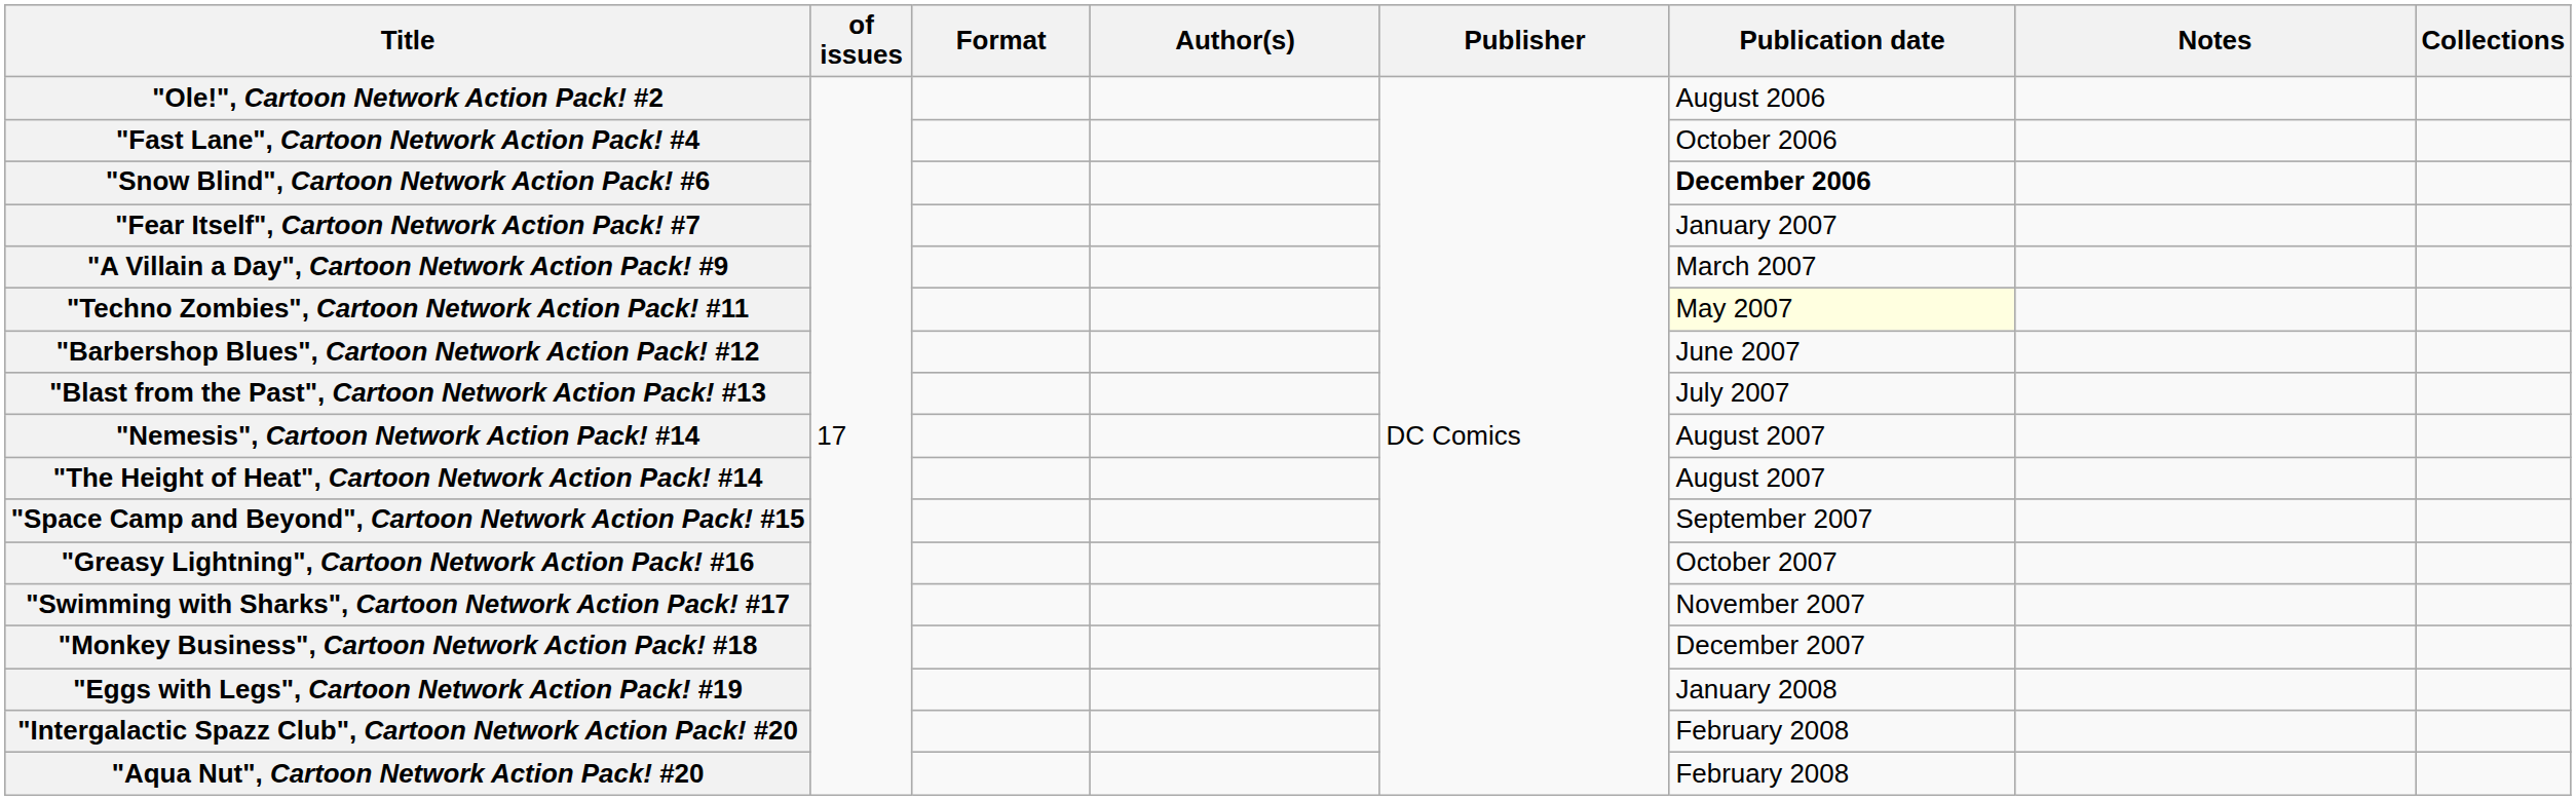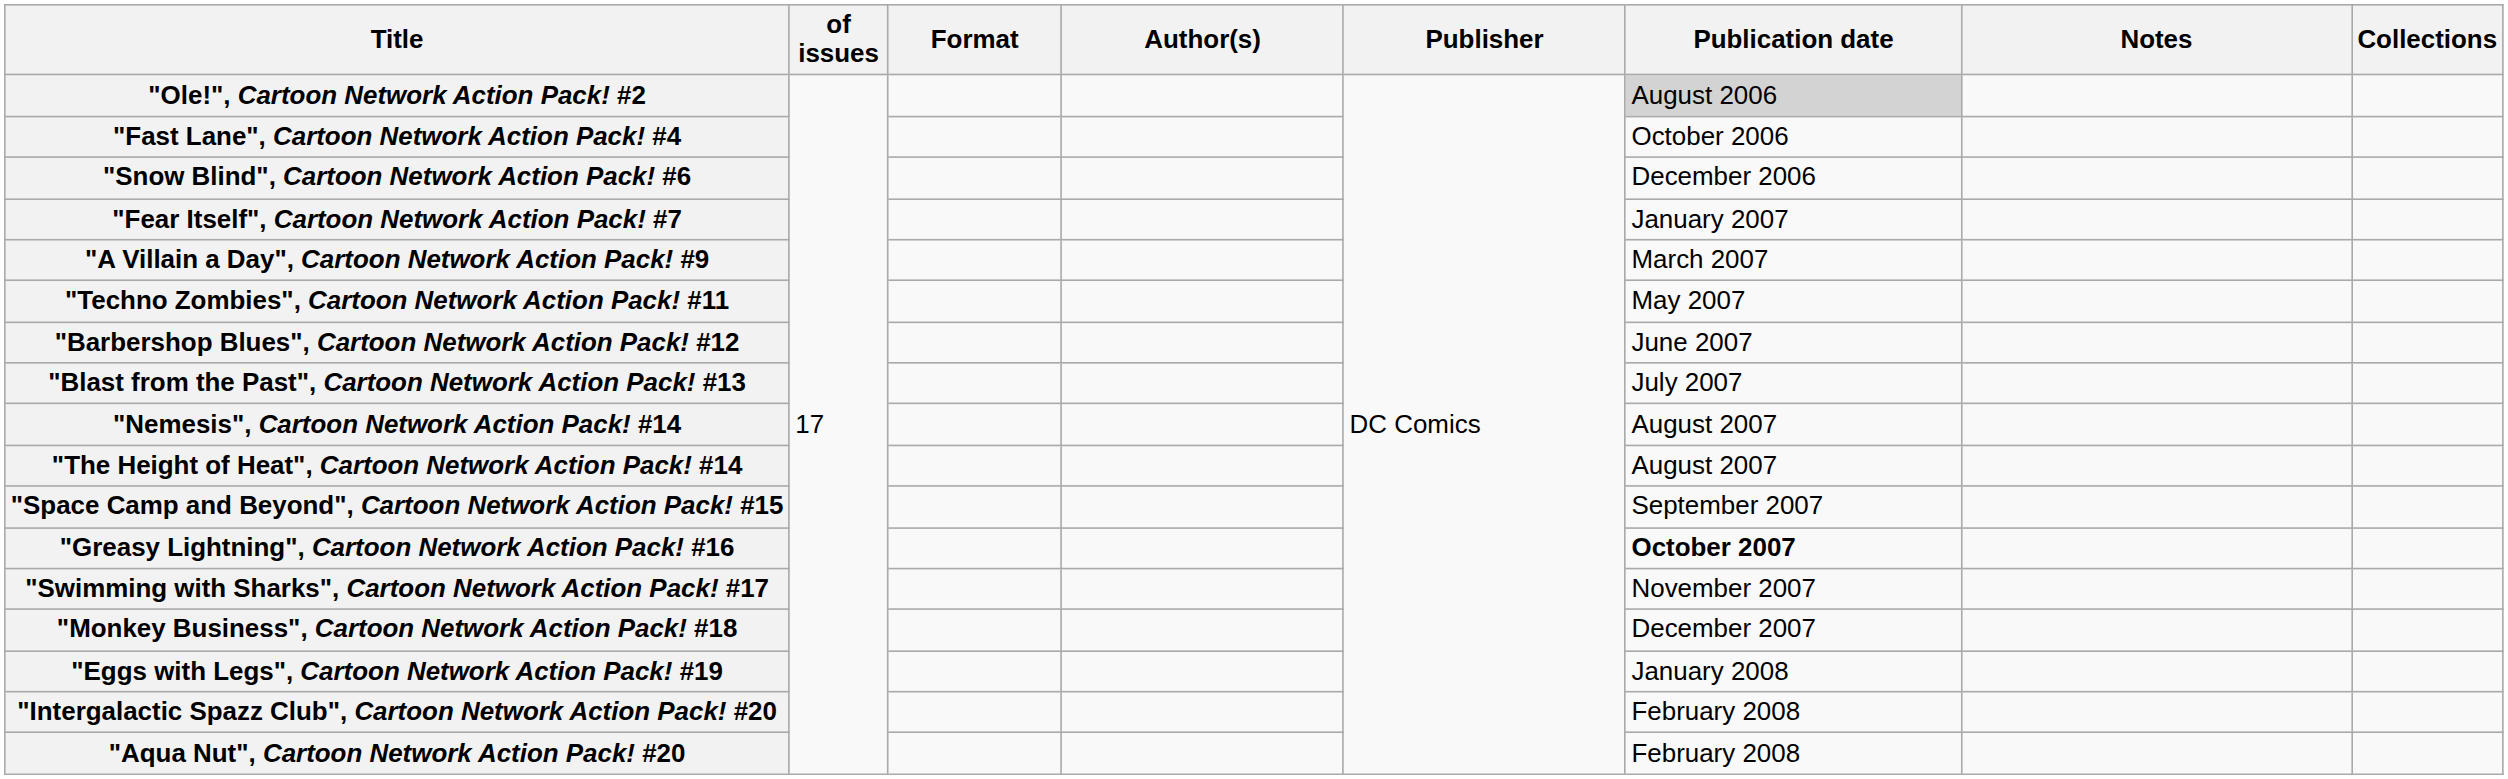 <table class="wikitable">
 <tr>
 <th>Title</th>
 <th style="width:40pt"> of issues</th>
 <th style="width:75pt">Format</th>
 <th style="width:125pt">Author(s)</th>
 <th style="width:125pt">Publisher</th>
 <th style="width:150pt">Publication date</th>
 <th style="width:175pt">Notes</th>
 <th>Collections</th>
 </tr>
 <tr>
 <th>"Ole!", <em>Cartoon Network Action Pack!</em> #2</th>
 <td rowspan="17">17</td>
 <td></td>
 <td></td>
 <td rowspan="17">DC Comics</td>
-<td>August 2006</td>
+<td style="background: lightgrey;">August 2006</td>
 <td></td>
 <td></td>
 </tr>
 <tr>
 <th>"Fast Lane", <em>Cartoon Network Action Pack!</em> #4</th>
 <td></td>
 <td></td>
 <td>October 2006</td>
 <td></td>
 <td></td>
 </tr>
 <tr>
 <th>"Snow Blind", <em>Cartoon Network Action Pack!</em> #6</th>
 <td></td>
 <td></td>
-<td><strong>December 2006</strong></td>
+<td>December 2006</td>
 <td></td>
 <td></td>
 </tr>
 <tr>
 <th>"Fear Itself", <em>Cartoon Network Action Pack!</em> #7</th>
 <td></td>
 <td></td>
 <td>January 2007</td>
 <td></td>
 <td></td>
 </tr>
 <tr>
 <th>"A Villain a Day", <em>Cartoon Network Action Pack!</em> #9</th>
 <td></td>
 <td></td>
 <td>March 2007</td>
 <td></td>
 <td></td>
 </tr>
 <tr>
 <th>"Techno Zombies", <em>Cartoon Network Action Pack!</em> #11</th>
 <td></td>
 <td></td>
-<td style="background: lightyellow;">May 2007</td>
+<td>May 2007</td>
 <td></td>
 <td></td>
 </tr>
 <tr>
 <th>"Barbershop Blues", <em>Cartoon Network Action Pack!</em> #12</th>
 <td></td>
 <td></td>
 <td>June 2007</td>
 <td></td>
 <td></td>
 </tr>
 <tr>
 <th>"Blast from the Past", <em>Cartoon Network Action Pack!</em> #13</th>
 <td></td>
 <td></td>
 <td>July 2007</td>
 <td></td>
 <td></td>
 </tr>
 <tr>
 <th>"Nemesis", <em>Cartoon Network Action Pack!</em> #14</th>
 <td></td>
 <td></td>
 <td>August 2007</td>
 <td></td>
 <td></td>
 </tr>
 <tr>
 <th>"The Height of Heat", <em>Cartoon Network Action Pack!</em> #14</th>
 <td></td>
 <td></td>
 <td>August 2007</td>
 <td></td>
 <td></td>
 </tr>
 <tr>
 <th>"Space Camp and Beyond", <em>Cartoon Network Action Pack!</em> #15</th>
 <td></td>
 <td></td>
 <td>September 2007</td>
 <td></td>
 <td></td>
 </tr>
 <tr>
 <th>"Greasy Lightning", <em>Cartoon Network Action Pack!</em> #16</th>
 <td></td>
 <td></td>
-<td>October 2007</td>
+<td><strong>October 2007</strong></td>
 <td></td>
 <td></td>
 </tr>
 <tr>
 <th>"Swimming with Sharks", <em>Cartoon Network Action Pack!</em> #17</th>
 <td></td>
 <td></td>
 <td>November 2007</td>
 <td></td>
 <td></td>
 </tr>
 <tr>
 <th>"Monkey Business", <em>Cartoon Network Action Pack!</em> #18</th>
 <td></td>
 <td></td>
 <td>December 2007</td>
 <td></td>
 <td></td>
 </tr>
 <tr>
 <th>"Eggs with Legs", <em>Cartoon Network Action Pack!</em> #19</th>
 <td></td>
 <td></td>
 <td>January 2008</td>
 <td></td>
 <td></td>
 </tr>
 <tr>
 <th>"Intergalactic Spazz Club", <em>Cartoon Network Action Pack!</em> #20</th>
 <td></td>
 <td></td>
 <td>February 2008</td>
 <td></td>
 <td></td>
 </tr>
 <tr>
 <th>"Aqua Nut", <em>Cartoon Network Action Pack!</em> #20</th>
 <td></td>
 <td></td>
 <td>February 2008</td>
 <td></td>
 <td></td>
 </tr>
 </table>
